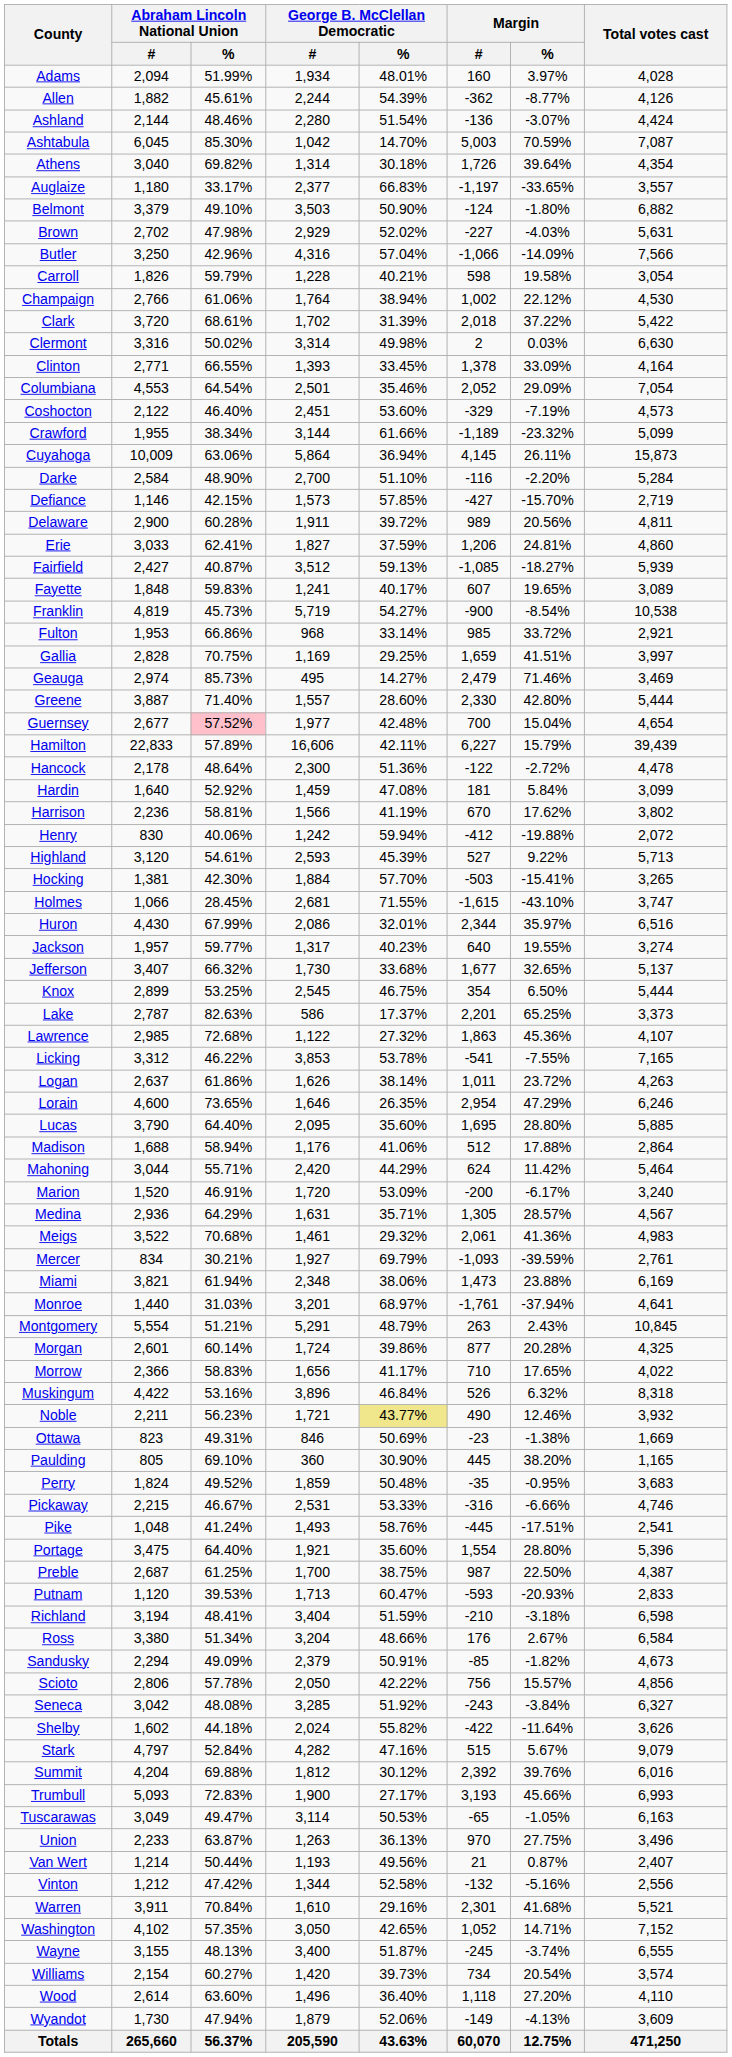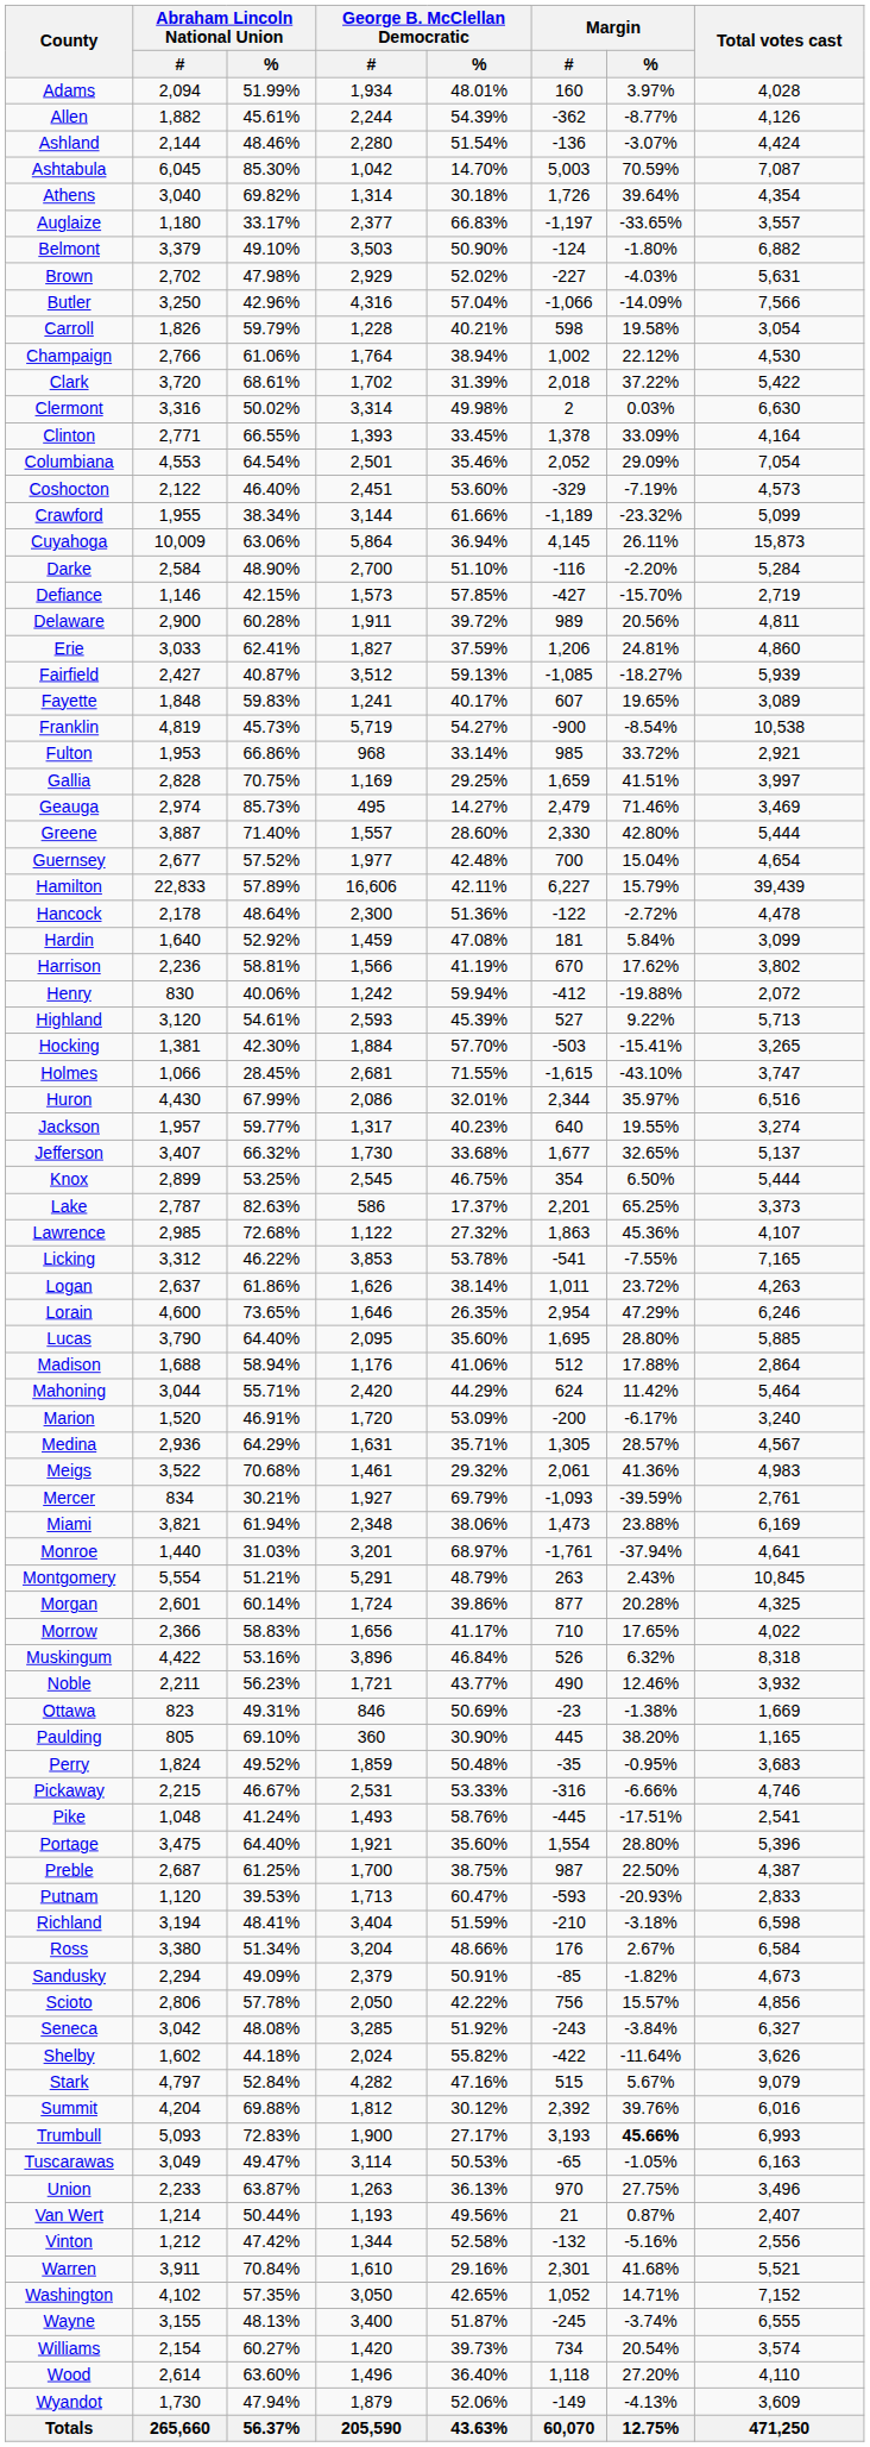 <table width="65%"  class="wikitable sortable" style="text-align:center">
 <tr>
 <th style="text-align:center;" rowspan="2">County</th>
 <th style="text-align:center;" colspan="2"><a href='#'>Abraham Lincoln</a><br>National Union</th>
 <th style="text-align:center;" colspan="2"><a href='#'>George B. McClellan</a><br>Democratic</th>
 <th style="text-align:center;" colspan="2">Margin</th>
 <th colspan="1" rowspan="2" style="text-align:center;">Total votes cast</th>
 </tr>
 <tr>
 <th style="text-align:center;" data-sort-type="number">#</th>
 <th style="text-align:center;" data-sort-type="number">%</th>
 <th style="text-align:center;" data-sort-type="number">#</th>
 <th style="text-align:center;" data-sort-type="number">%</th>
 <th style="text-align:center;" data-sort-type="number">#</th>
 <th style="text-align:center;" data-sort-type="number">%</th>
 </tr>
 <tr>
 <td><a href='#'>Adams</a></td>
 <td>2,094</td>
 <td>51.99%</td>
 <td>1,934</td>
 <td>48.01%</td>
 <td>160</td>
 <td>3.97%</td>
 <td>4,028</td>
 </tr>
 <tr style="text-align:center;">
 <td><a href='#'>Allen</a></td>
 <td>1,882</td>
 <td>45.61%</td>
 <td>2,244</td>
 <td>54.39%</td>
 <td>-362</td>
 <td>-8.77%</td>
 <td>4,126</td>
 </tr>
 <tr style="text-align:center;">
 <td><a href='#'>Ashland</a></td>
 <td>2,144</td>
 <td>48.46%</td>
 <td>2,280</td>
 <td>51.54%</td>
 <td>-136</td>
 <td>-3.07%</td>
 <td>4,424</td>
 </tr>
 <tr style="text-align:center;">
 <td><a href='#'>Ashtabula</a></td>
 <td>6,045</td>
 <td>85.30%</td>
 <td>1,042</td>
 <td>14.70%</td>
 <td>5,003</td>
 <td>70.59%</td>
 <td>7,087</td>
 </tr>
 <tr style="text-align:center;">
 <td><a href='#'>Athens</a></td>
 <td>3,040</td>
 <td>69.82%</td>
 <td>1,314</td>
 <td>30.18%</td>
 <td>1,726</td>
 <td>39.64%</td>
 <td>4,354</td>
 </tr>
 <tr style="text-align:center;">
 <td><a href='#'>Auglaize</a></td>
 <td>1,180</td>
 <td>33.17%</td>
 <td>2,377</td>
 <td>66.83%</td>
 <td>-1,197</td>
 <td>-33.65%</td>
 <td>3,557</td>
 </tr>
 <tr style="text-align:center;">
 <td><a href='#'>Belmont</a></td>
 <td>3,379</td>
 <td>49.10%</td>
 <td>3,503</td>
 <td>50.90%</td>
 <td>-124</td>
 <td>-1.80%</td>
 <td>6,882</td>
 </tr>
 <tr style="text-align:center;">
 <td><a href='#'>Brown</a></td>
 <td>2,702</td>
 <td>47.98%</td>
 <td>2,929</td>
 <td>52.02%</td>
 <td>-227</td>
 <td>-4.03%</td>
 <td>5,631</td>
 </tr>
 <tr style="text-align:center;">
 <td><a href='#'>Butler</a></td>
 <td>3,250</td>
 <td>42.96%</td>
 <td>4,316</td>
 <td>57.04%</td>
 <td>-1,066</td>
 <td>-14.09%</td>
 <td>7,566</td>
 </tr>
 <tr style="text-align:center;">
 <td><a href='#'>Carroll</a></td>
 <td>1,826</td>
 <td>59.79%</td>
 <td>1,228</td>
 <td>40.21%</td>
 <td>598</td>
 <td>19.58%</td>
 <td>3,054</td>
 </tr>
 <tr style="text-align:center;">
 <td><a href='#'>Champaign</a></td>
 <td>2,766</td>
 <td>61.06%</td>
 <td>1,764</td>
 <td>38.94%</td>
 <td>1,002</td>
 <td>22.12%</td>
 <td>4,530</td>
 </tr>
 <tr style="text-align:center;">
 <td><a href='#'>Clark</a></td>
 <td>3,720</td>
 <td>68.61%</td>
 <td>1,702</td>
 <td>31.39%</td>
 <td>2,018</td>
 <td>37.22%</td>
 <td>5,422</td>
 </tr>
 <tr style="text-align:center;">
 <td><a href='#'>Clermont</a></td>
 <td>3,316</td>
 <td>50.02%</td>
 <td>3,314</td>
 <td>49.98%</td>
 <td>2</td>
 <td>0.03%</td>
 <td>6,630</td>
 </tr>
 <tr style="text-align:center;">
 <td><a href='#'>Clinton</a></td>
 <td>2,771</td>
 <td>66.55%</td>
 <td>1,393</td>
 <td>33.45%</td>
 <td>1,378</td>
 <td>33.09%</td>
 <td>4,164</td>
 </tr>
 <tr style="text-align:center;">
 <td><a href='#'>Columbiana</a></td>
 <td>4,553</td>
 <td>64.54%</td>
 <td>2,501</td>
 <td>35.46%</td>
 <td>2,052</td>
 <td>29.09%</td>
 <td>7,054</td>
 </tr>
 <tr style="text-align:center;">
 <td><a href='#'>Coshocton</a></td>
 <td>2,122</td>
 <td>46.40%</td>
 <td>2,451</td>
 <td>53.60%</td>
 <td>-329</td>
 <td>-7.19%</td>
 <td>4,573</td>
 </tr>
 <tr style="text-align:center;">
 <td><a href='#'>Crawford</a></td>
 <td>1,955</td>
 <td>38.34%</td>
 <td>3,144</td>
 <td>61.66%</td>
 <td>-1,189</td>
 <td>-23.32%</td>
 <td>5,099</td>
 </tr>
 <tr style="text-align:center;">
 <td><a href='#'>Cuyahoga</a></td>
 <td>10,009</td>
 <td>63.06%</td>
 <td>5,864</td>
 <td>36.94%</td>
 <td>4,145</td>
 <td>26.11%</td>
 <td>15,873</td>
 </tr>
 <tr style="text-align:center;">
 <td><a href='#'>Darke</a></td>
 <td>2,584</td>
 <td>48.90%</td>
 <td>2,700</td>
 <td>51.10%</td>
 <td>-116</td>
 <td>-2.20%</td>
 <td>5,284</td>
 </tr>
 <tr style="text-align:center;">
 <td><a href='#'>Defiance</a></td>
 <td>1,146</td>
 <td>42.15%</td>
 <td>1,573</td>
 <td>57.85%</td>
 <td>-427</td>
 <td>-15.70%</td>
 <td>2,719</td>
 </tr>
 <tr style="text-align:center;">
 <td><a href='#'>Delaware</a></td>
 <td>2,900</td>
 <td>60.28%</td>
 <td>1,911</td>
 <td>39.72%</td>
 <td>989</td>
 <td>20.56%</td>
 <td>4,811</td>
 </tr>
 <tr style="text-align:center;">
 <td><a href='#'>Erie</a></td>
 <td>3,033</td>
 <td>62.41%</td>
 <td>1,827</td>
 <td>37.59%</td>
 <td>1,206</td>
 <td>24.81%</td>
 <td>4,860</td>
 </tr>
 <tr style="text-align:center;">
 <td><a href='#'>Fairfield</a></td>
 <td>2,427</td>
 <td>40.87%</td>
 <td>3,512</td>
 <td>59.13%</td>
 <td>-1,085</td>
 <td>-18.27%</td>
 <td>5,939</td>
 </tr>
 <tr style="text-align:center;">
 <td><a href='#'>Fayette</a></td>
 <td>1,848</td>
 <td>59.83%</td>
 <td>1,241</td>
 <td>40.17%</td>
 <td>607</td>
 <td>19.65%</td>
 <td>3,089</td>
 </tr>
 <tr style="text-align:center;">
 <td><a href='#'>Franklin</a></td>
 <td>4,819</td>
 <td>45.73%</td>
 <td>5,719</td>
 <td>54.27%</td>
 <td>-900</td>
 <td>-8.54%</td>
 <td>10,538</td>
 </tr>
 <tr style="text-align:center;">
 <td><a href='#'>Fulton</a></td>
 <td>1,953</td>
 <td>66.86%</td>
 <td>968</td>
 <td>33.14%</td>
 <td>985</td>
 <td>33.72%</td>
 <td>2,921</td>
 </tr>
 <tr style="text-align:center;">
 <td><a href='#'>Gallia</a></td>
 <td>2,828</td>
 <td>70.75%</td>
 <td>1,169</td>
 <td>29.25%</td>
 <td>1,659</td>
 <td>41.51%</td>
 <td>3,997</td>
 </tr>
 <tr style="text-align:center;">
 <td><a href='#'>Geauga</a></td>
 <td>2,974</td>
 <td>85.73%</td>
 <td>495</td>
 <td>14.27%</td>
 <td>2,479</td>
 <td>71.46%</td>
 <td>3,469</td>
 </tr>
 <tr style="text-align:center;">
 <td><a href='#'>Greene</a></td>
 <td>3,887</td>
 <td>71.40%</td>
 <td>1,557</td>
 <td>28.60%</td>
 <td>2,330</td>
 <td>42.80%</td>
 <td>5,444</td>
 </tr>
 <tr style="text-align:center;">
 <td><a href='#'>Guernsey</a></td>
 <td>2,677</td>
-<td style="background: pink;">57.52%</td>
+<td>57.52%</td>
 <td>1,977</td>
 <td>42.48%</td>
 <td>700</td>
 <td>15.04%</td>
 <td>4,654</td>
 </tr>
 <tr style="text-align:center;">
 <td><a href='#'>Hamilton</a></td>
 <td>22,833</td>
 <td>57.89%</td>
 <td>16,606</td>
 <td>42.11%</td>
 <td>6,227</td>
 <td>15.79%</td>
 <td>39,439</td>
 </tr>
 <tr style="text-align:center;">
 <td><a href='#'>Hancock</a></td>
 <td>2,178</td>
 <td>48.64%</td>
 <td>2,300</td>
 <td>51.36%</td>
 <td>-122</td>
 <td>-2.72%</td>
 <td>4,478</td>
 </tr>
 <tr style="text-align:center;">
 <td><a href='#'>Hardin</a></td>
 <td>1,640</td>
 <td>52.92%</td>
 <td>1,459</td>
 <td>47.08%</td>
 <td>181</td>
 <td>5.84%</td>
 <td>3,099</td>
 </tr>
 <tr style="text-align:center;">
 <td><a href='#'>Harrison</a></td>
 <td>2,236</td>
 <td>58.81%</td>
 <td>1,566</td>
 <td>41.19%</td>
 <td>670</td>
 <td>17.62%</td>
 <td>3,802</td>
 </tr>
 <tr style="text-align:center;">
 <td><a href='#'>Henry</a></td>
 <td>830</td>
 <td>40.06%</td>
 <td>1,242</td>
 <td>59.94%</td>
 <td>-412</td>
 <td>-19.88%</td>
 <td>2,072</td>
 </tr>
 <tr style="text-align:center;">
 <td><a href='#'>Highland</a></td>
 <td>3,120</td>
 <td>54.61%</td>
 <td>2,593</td>
 <td>45.39%</td>
 <td>527</td>
 <td>9.22%</td>
 <td>5,713</td>
 </tr>
 <tr style="text-align:center;">
 <td><a href='#'>Hocking</a></td>
 <td>1,381</td>
 <td>42.30%</td>
 <td>1,884</td>
 <td>57.70%</td>
 <td>-503</td>
 <td>-15.41%</td>
 <td>3,265</td>
 </tr>
 <tr style="text-align:center;">
 <td><a href='#'>Holmes</a></td>
 <td>1,066</td>
 <td>28.45%</td>
 <td>2,681</td>
 <td>71.55%</td>
 <td>-1,615</td>
 <td>-43.10%</td>
 <td>3,747</td>
 </tr>
 <tr style="text-align:center;">
 <td><a href='#'>Huron</a></td>
 <td>4,430</td>
 <td>67.99%</td>
 <td>2,086</td>
 <td>32.01%</td>
 <td>2,344</td>
 <td>35.97%</td>
 <td>6,516</td>
 </tr>
 <tr style="text-align:center;">
 <td><a href='#'>Jackson</a></td>
 <td>1,957</td>
 <td>59.77%</td>
 <td>1,317</td>
 <td>40.23%</td>
 <td>640</td>
 <td>19.55%</td>
 <td>3,274</td>
 </tr>
 <tr style="text-align:center;">
 <td><a href='#'>Jefferson</a></td>
 <td>3,407</td>
 <td>66.32%</td>
 <td>1,730</td>
 <td>33.68%</td>
 <td>1,677</td>
 <td>32.65%</td>
 <td>5,137</td>
 </tr>
 <tr style="text-align:center;">
 <td><a href='#'>Knox</a></td>
 <td>2,899</td>
 <td>53.25%</td>
 <td>2,545</td>
 <td>46.75%</td>
 <td>354</td>
 <td>6.50%</td>
 <td>5,444</td>
 </tr>
 <tr style="text-align:center;">
 <td><a href='#'>Lake</a></td>
 <td>2,787</td>
 <td>82.63%</td>
 <td>586</td>
 <td>17.37%</td>
 <td>2,201</td>
 <td>65.25%</td>
 <td>3,373</td>
 </tr>
 <tr style="text-align:center;">
 <td><a href='#'>Lawrence</a></td>
 <td>2,985</td>
 <td>72.68%</td>
 <td>1,122</td>
 <td>27.32%</td>
 <td>1,863</td>
 <td>45.36%</td>
 <td>4,107</td>
 </tr>
 <tr style="text-align:center;">
 <td><a href='#'>Licking</a></td>
 <td>3,312</td>
 <td>46.22%</td>
 <td>3,853</td>
 <td>53.78%</td>
 <td>-541</td>
 <td>-7.55%</td>
 <td>7,165</td>
 </tr>
 <tr style="text-align:center;">
 <td><a href='#'>Logan</a></td>
 <td>2,637</td>
 <td>61.86%</td>
 <td>1,626</td>
 <td>38.14%</td>
 <td>1,011</td>
 <td>23.72%</td>
 <td>4,263</td>
 </tr>
 <tr style="text-align:center;">
 <td><a href='#'>Lorain</a></td>
 <td>4,600</td>
 <td>73.65%</td>
 <td>1,646</td>
 <td>26.35%</td>
 <td>2,954</td>
 <td>47.29%</td>
 <td>6,246</td>
 </tr>
 <tr style="text-align:center;">
 <td><a href='#'>Lucas</a></td>
 <td>3,790</td>
 <td>64.40%</td>
 <td>2,095</td>
 <td>35.60%</td>
 <td>1,695</td>
 <td>28.80%</td>
 <td>5,885</td>
 </tr>
 <tr style="text-align:center;">
 <td><a href='#'>Madison</a></td>
 <td>1,688</td>
 <td>58.94%</td>
 <td>1,176</td>
 <td>41.06%</td>
 <td>512</td>
 <td>17.88%</td>
 <td>2,864</td>
 </tr>
 <tr style="text-align:center;">
 <td><a href='#'>Mahoning</a></td>
 <td>3,044</td>
 <td>55.71%</td>
 <td>2,420</td>
 <td>44.29%</td>
 <td>624</td>
 <td>11.42%</td>
 <td>5,464</td>
 </tr>
 <tr style="text-align:center;">
 <td><a href='#'>Marion</a></td>
 <td>1,520</td>
 <td>46.91%</td>
 <td>1,720</td>
 <td>53.09%</td>
 <td>-200</td>
 <td>-6.17%</td>
 <td>3,240</td>
 </tr>
 <tr style="text-align:center;">
 <td><a href='#'>Medina</a></td>
 <td>2,936</td>
 <td>64.29%</td>
 <td>1,631</td>
 <td>35.71%</td>
 <td>1,305</td>
 <td>28.57%</td>
 <td>4,567</td>
 </tr>
 <tr style="text-align:center;">
 <td><a href='#'>Meigs</a></td>
 <td>3,522</td>
 <td>70.68%</td>
 <td>1,461</td>
 <td>29.32%</td>
 <td>2,061</td>
 <td>41.36%</td>
 <td>4,983</td>
 </tr>
 <tr style="text-align:center;">
 <td><a href='#'>Mercer</a></td>
 <td>834</td>
 <td>30.21%</td>
 <td>1,927</td>
 <td>69.79%</td>
 <td>-1,093</td>
 <td>-39.59%</td>
 <td>2,761</td>
 </tr>
 <tr style="text-align:center;">
 <td><a href='#'>Miami</a></td>
 <td>3,821</td>
 <td>61.94%</td>
 <td>2,348</td>
 <td>38.06%</td>
 <td>1,473</td>
 <td>23.88%</td>
 <td>6,169</td>
 </tr>
 <tr style="text-align:center;">
 <td><a href='#'>Monroe</a></td>
 <td>1,440</td>
 <td>31.03%</td>
 <td>3,201</td>
 <td>68.97%</td>
 <td>-1,761</td>
 <td>-37.94%</td>
 <td>4,641</td>
 </tr>
 <tr style="text-align:center;">
 <td><a href='#'>Montgomery</a></td>
 <td>5,554</td>
 <td>51.21%</td>
 <td>5,291</td>
 <td>48.79%</td>
 <td>263</td>
 <td>2.43%</td>
 <td>10,845</td>
 </tr>
 <tr style="text-align:center;">
 <td><a href='#'>Morgan</a></td>
 <td>2,601</td>
 <td>60.14%</td>
 <td>1,724</td>
 <td>39.86%</td>
 <td>877</td>
 <td>20.28%</td>
 <td>4,325</td>
 </tr>
 <tr style="text-align:center;">
 <td><a href='#'>Morrow</a></td>
 <td>2,366</td>
 <td>58.83%</td>
 <td>1,656</td>
 <td>41.17%</td>
 <td>710</td>
 <td>17.65%</td>
 <td>4,022</td>
 </tr>
 <tr style="text-align:center;">
 <td><a href='#'>Muskingum</a></td>
 <td>4,422</td>
 <td>53.16%</td>
 <td>3,896</td>
 <td>46.84%</td>
 <td>526</td>
 <td>6.32%</td>
 <td>8,318</td>
 </tr>
 <tr style="text-align:center;">
 <td><a href='#'>Noble</a></td>
 <td>2,211</td>
 <td>56.23%</td>
 <td>1,721</td>
-<td style="background: khaki;">43.77%</td>
+<td>43.77%</td>
 <td>490</td>
 <td>12.46%</td>
 <td>3,932</td>
 </tr>
 <tr style="text-align:center;">
 <td><a href='#'>Ottawa</a></td>
 <td>823</td>
 <td>49.31%</td>
 <td>846</td>
 <td>50.69%</td>
 <td>-23</td>
 <td>-1.38%</td>
 <td>1,669</td>
 </tr>
 <tr style="text-align:center;">
 <td><a href='#'>Paulding</a></td>
 <td>805</td>
 <td>69.10%</td>
 <td>360</td>
 <td>30.90%</td>
 <td>445</td>
 <td>38.20%</td>
 <td>1,165</td>
 </tr>
 <tr style="text-align:center;">
 <td><a href='#'>Perry</a></td>
 <td>1,824</td>
 <td>49.52%</td>
 <td>1,859</td>
 <td>50.48%</td>
 <td>-35</td>
 <td>-0.95%</td>
 <td>3,683</td>
 </tr>
 <tr style="text-align:center;">
 <td><a href='#'>Pickaway</a></td>
 <td>2,215</td>
 <td>46.67%</td>
 <td>2,531</td>
 <td>53.33%</td>
 <td>-316</td>
 <td>-6.66%</td>
 <td>4,746</td>
 </tr>
 <tr style="text-align:center;">
 <td><a href='#'>Pike</a></td>
 <td>1,048</td>
 <td>41.24%</td>
 <td>1,493</td>
 <td>58.76%</td>
 <td>-445</td>
 <td>-17.51%</td>
 <td>2,541</td>
 </tr>
 <tr style="text-align:center;">
 <td><a href='#'>Portage</a></td>
 <td>3,475</td>
 <td>64.40%</td>
 <td>1,921</td>
 <td>35.60%</td>
 <td>1,554</td>
 <td>28.80%</td>
 <td>5,396</td>
 </tr>
 <tr style="text-align:center;">
 <td><a href='#'>Preble</a></td>
 <td>2,687</td>
 <td>61.25%</td>
 <td>1,700</td>
 <td>38.75%</td>
 <td>987</td>
 <td>22.50%</td>
 <td>4,387</td>
 </tr>
 <tr style="text-align:center;">
 <td><a href='#'>Putnam</a></td>
 <td>1,120</td>
 <td>39.53%</td>
 <td>1,713</td>
 <td>60.47%</td>
 <td>-593</td>
 <td>-20.93%</td>
 <td>2,833</td>
 </tr>
 <tr style="text-align:center;">
 <td><a href='#'>Richland</a></td>
 <td>3,194</td>
 <td>48.41%</td>
 <td>3,404</td>
 <td>51.59%</td>
 <td>-210</td>
 <td>-3.18%</td>
 <td>6,598</td>
 </tr>
 <tr style="text-align:center;">
 <td><a href='#'>Ross</a></td>
 <td>3,380</td>
 <td>51.34%</td>
 <td>3,204</td>
 <td>48.66%</td>
 <td>176</td>
 <td>2.67%</td>
 <td>6,584</td>
 </tr>
 <tr style="text-align:center;">
 <td><a href='#'>Sandusky</a></td>
 <td>2,294</td>
 <td>49.09%</td>
 <td>2,379</td>
 <td>50.91%</td>
 <td>-85</td>
 <td>-1.82%</td>
 <td>4,673</td>
 </tr>
 <tr style="text-align:center;">
 <td><a href='#'>Scioto</a></td>
 <td>2,806</td>
 <td>57.78%</td>
 <td>2,050</td>
 <td>42.22%</td>
 <td>756</td>
 <td>15.57%</td>
 <td>4,856</td>
 </tr>
 <tr style="text-align:center;">
 <td><a href='#'>Seneca</a></td>
 <td>3,042</td>
 <td>48.08%</td>
 <td>3,285</td>
 <td>51.92%</td>
 <td>-243</td>
 <td>-3.84%</td>
 <td>6,327</td>
 </tr>
 <tr style="text-align:center;">
 <td><a href='#'>Shelby</a></td>
 <td>1,602</td>
 <td>44.18%</td>
 <td>2,024</td>
 <td>55.82%</td>
 <td>-422</td>
 <td>-11.64%</td>
 <td>3,626</td>
 </tr>
 <tr style="text-align:center;">
 <td><a href='#'>Stark</a></td>
 <td>4,797</td>
 <td>52.84%</td>
 <td>4,282</td>
 <td>47.16%</td>
 <td>515</td>
 <td>5.67%</td>
 <td>9,079</td>
 </tr>
 <tr style="text-align:center;">
 <td><a href='#'>Summit</a></td>
 <td>4,204</td>
 <td>69.88%</td>
 <td>1,812</td>
 <td>30.12%</td>
 <td>2,392</td>
 <td>39.76%</td>
 <td>6,016</td>
 </tr>
 <tr style="text-align:center;">
 <td><a href='#'>Trumbull</a></td>
 <td>5,093</td>
 <td>72.83%</td>
 <td>1,900</td>
 <td>27.17%</td>
 <td>3,193</td>
-<td>45.66%</td>
+<td><strong>45.66%</strong></td>
 <td>6,993</td>
 </tr>
 <tr style="text-align:center;">
 <td><a href='#'>Tuscarawas</a></td>
 <td>3,049</td>
 <td>49.47%</td>
 <td>3,114</td>
 <td>50.53%</td>
 <td>-65</td>
 <td>-1.05%</td>
 <td>6,163</td>
 </tr>
 <tr style="text-align:center;">
 <td><a href='#'>Union</a></td>
 <td>2,233</td>
 <td>63.87%</td>
 <td>1,263</td>
 <td>36.13%</td>
 <td>970</td>
 <td>27.75%</td>
 <td>3,496</td>
 </tr>
 <tr style="text-align:center;">
 <td><a href='#'>Van Wert</a></td>
 <td>1,214</td>
 <td>50.44%</td>
 <td>1,193</td>
 <td>49.56%</td>
 <td>21</td>
 <td>0.87%</td>
 <td>2,407</td>
 </tr>
 <tr style="text-align:center;">
 <td><a href='#'>Vinton</a></td>
 <td>1,212</td>
 <td>47.42%</td>
 <td>1,344</td>
 <td>52.58%</td>
 <td>-132</td>
 <td>-5.16%</td>
 <td>2,556</td>
 </tr>
 <tr style="text-align:center;">
 <td><a href='#'>Warren</a></td>
 <td>3,911</td>
 <td>70.84%</td>
 <td>1,610</td>
 <td>29.16%</td>
 <td>2,301</td>
 <td>41.68%</td>
 <td>5,521</td>
 </tr>
 <tr style="text-align:center;">
 <td><a href='#'>Washington</a></td>
 <td>4,102</td>
 <td>57.35%</td>
 <td>3,050</td>
 <td>42.65%</td>
 <td>1,052</td>
 <td>14.71%</td>
 <td>7,152</td>
 </tr>
 <tr style="text-align:center;">
 <td><a href='#'>Wayne</a></td>
 <td>3,155</td>
 <td>48.13%</td>
 <td>3,400</td>
 <td>51.87%</td>
 <td>-245</td>
 <td>-3.74%</td>
 <td>6,555</td>
 </tr>
 <tr style="text-align:center;">
 <td><a href='#'>Williams</a></td>
 <td>2,154</td>
 <td>60.27%</td>
 <td>1,420</td>
 <td>39.73%</td>
 <td>734</td>
 <td>20.54%</td>
 <td>3,574</td>
 </tr>
 <tr style="text-align:center;">
 <td><a href='#'>Wood</a></td>
 <td>2,614</td>
 <td>63.60%</td>
 <td>1,496</td>
 <td>36.40%</td>
 <td>1,118</td>
 <td>27.20%</td>
 <td>4,110</td>
 </tr>
 <tr style="text-align:center;">
 <td><a href='#'>Wyandot</a></td>
 <td>1,730</td>
 <td>47.94%</td>
 <td>1,879</td>
 <td>52.06%</td>
 <td>-149</td>
 <td>-4.13%</td>
 <td>3,609</td>
 </tr>
 <tr style="text-align:center;">
 <th>Totals</th>
 <th>265,660</th>
 <th>56.37%</th>
 <th>205,590</th>
 <th>43.63%</th>
 <th>60,070</th>
 <th>12.75%</th>
 <th>471,250</th>
 </tr>
 </table>
